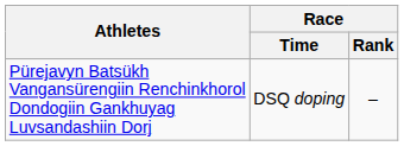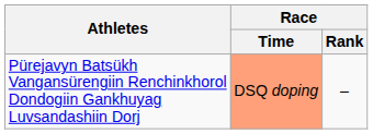 <table class="wikitable" border="1" style="font-size:90%">
 <tr>
 <th rowspan=2>Athletes</th>
 <th colspan=2>Race</th>
 </tr>
 <tr>
 <th>Time</th>
 <th>Rank</th>
 </tr>
 <tr>
 <td><a href='#'>Pürejavyn Batsükh</a><br><a href='#'>Vangansürengiin Renchinkhorol</a><br><a href='#'>Dondogiin Gankhuyag</a><br><a href='#'>Luvsandashiin Dorj</a></td>
-<td align=center>DSQ <em>doping</em></td>
+<td align=center style="background: lightsalmon;">DSQ <em>doping</em></td>
 <td align=center>–</td>
 </tr>
 </table>
